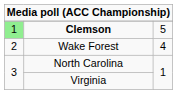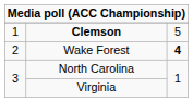 <table class="wikitable">
 <tr align="center">
 <td align="center" Colspan="3"><strong>Media poll (ACC Championship)</strong></td>
 </tr>
 <tr align="center">
 </tr>
 <tr align="center">
-<td style="background: lightgreen;">1</td>
+<td>1</td>
 <td><strong>Clemson</strong></td>
 <td>5</td>
 </tr>
 <tr align="center">
 <td>2</td>
 <td>Wake Forest</td>
-<td>4</td>
+<td><strong>4</strong></td>
 </tr>
 <tr align="center">
 <td rowspan=2>3</td>
 <td>North Carolina</td>
 <td rowspan=2>1</td>
 </tr>
 <tr align="center">
 <td>Virginia</td>
 </tr>
 </table>
